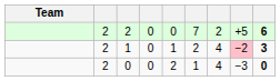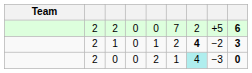 <table class="wikitable" style="text-align:center;">
 <tr>
 <th width=120>Team</th>
 <th width=25></th>
 <th width=25></th>
 <th width=25></th>
 <th width=25></th>
 <th width=25></th>
 <th width=25></th>
 <th width=25></th>
 <th width=25></th>
 </tr>
 <tr style="background:#dfd;">
 <td style="text-align:left;"></td>
 <td>2</td>
 <td>2</td>
 <td>0</td>
 <td>0</td>
 <td>7</td>
 <td>2</td>
 <td>+5</td>
 <td><strong>6</strong></td>
 </tr>
 <tr>
 <td style="text-align:left;"></td>
 <td>2</td>
 <td>1</td>
 <td>0</td>
 <td>1</td>
 <td>2</td>
-<td>4</td>
-<td style="background: pink;">−2</td>
+<td><strong>4</strong></td>
+<td>−2</td>
 <td><strong>3</strong></td>
 </tr>
 <tr>
 <td style="text-align:left;"></td>
 <td>2</td>
 <td>0</td>
 <td>0</td>
 <td>2</td>
 <td>1</td>
-<td>4</td>
+<td style="background: paleturquoise;">4</td>
 <td>−3</td>
 <td><strong>0</strong></td>
 </tr>
 </table>
